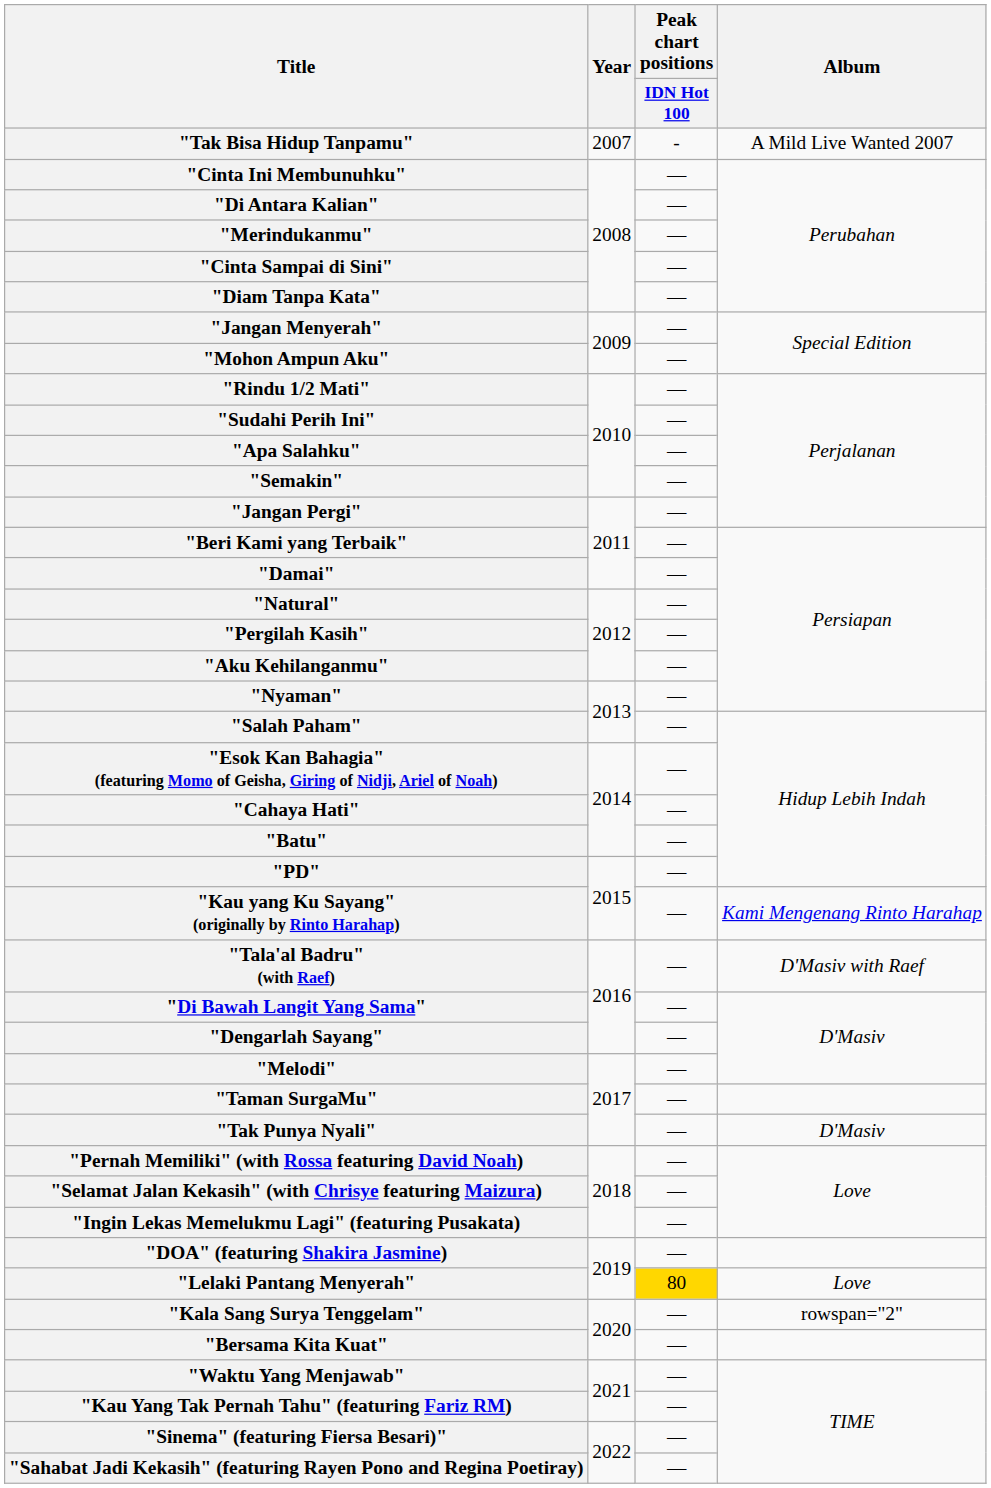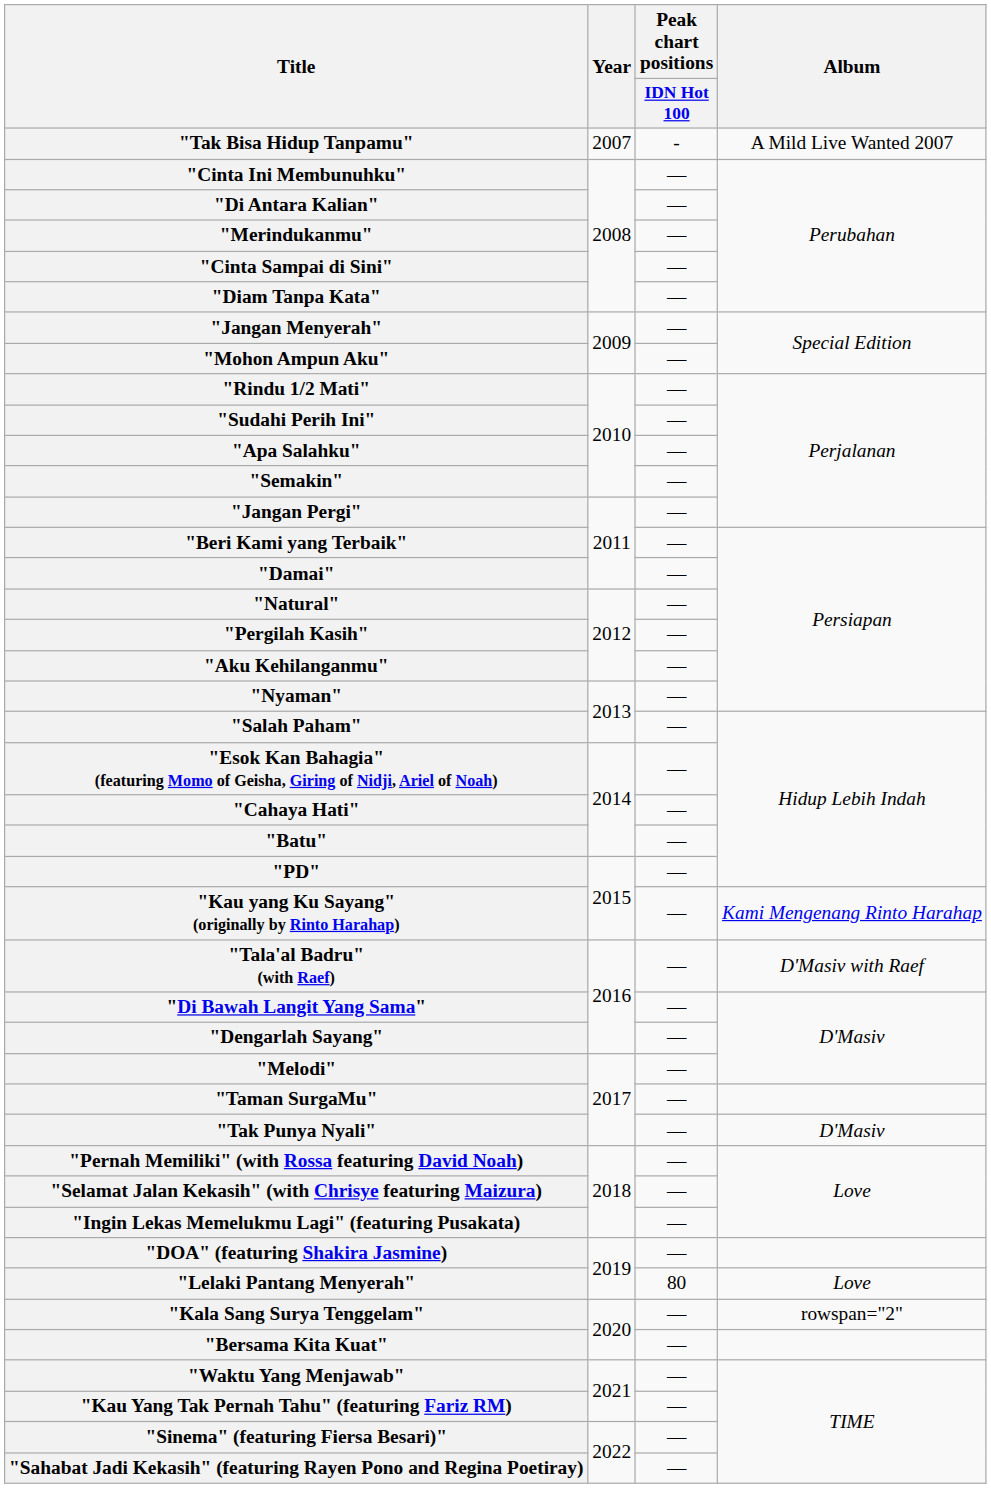 <table class="wikitable plainrowheaders" style="text-align:center;">
 <tr>
 <th scope="col" rowspan="2">Title</th>
 <th scope="col" rowspan="2">Year</th>
 <th scope="col" colspan="1">Peak chart positions</th>
 <th scope="col" rowspan="2">Album</th>
 </tr>
 <tr>
 <th scope="col" style="width:3em;font-size:90%;"><a href='#'>IDN Hot 100</a><br></th>
 </tr>
 <tr>
 <th scope="row">"Tak Bisa Hidup Tanpamu"</th>
 <td>2007</td>
 <td>-</td>
 <td>A Mild Live Wanted 2007</td>
 </tr>
 <tr>
 <th scope="row">"Cinta Ini Membunuhku"</th>
 <td rowspan= "5">2008</td>
 <td>—</td>
 <td rowspan= "5"><em>Perubahan</em></td>
 </tr>
 <tr>
 <th scope="row">"Di Antara Kalian"</th>
 <td>—</td>
 </tr>
 <tr>
 <th scope="row">"Merindukanmu"</th>
 <td>—</td>
 </tr>
 <tr>
 <th scope="row">"Cinta Sampai di Sini"</th>
 <td>—</td>
 </tr>
 <tr>
 <th scope="row">"Diam Tanpa Kata"</th>
 <td>—</td>
 </tr>
 <tr>
 <th scope="row">"Jangan Menyerah"</th>
 <td rowspan= "2">2009</td>
 <td>—</td>
 <td rowspan= "2"><em>Special Edition</em></td>
 </tr>
 <tr>
 <th scope="row">"Mohon Ampun Aku"</th>
 <td>—</td>
 </tr>
 <tr>
 <th scope="row">"Rindu 1/2 Mati"</th>
 <td rowspan= "4">2010</td>
 <td>—</td>
 <td rowspan= "5"><em>Perjalanan</em></td>
 </tr>
 <tr>
 <th scope="row">"Sudahi Perih Ini"</th>
 <td>—</td>
 </tr>
 <tr>
 <th scope="row">"Apa Salahku"</th>
 <td>—</td>
 </tr>
 <tr>
 <th scope="row">"Semakin"</th>
 <td>—</td>
 </tr>
 <tr>
 <th scope="row">"Jangan Pergi"</th>
 <td rowspan= "3">2011</td>
 <td>—</td>
 </tr>
 <tr>
 <th scope="row">"Beri Kami yang Terbaik"</th>
 <td>—</td>
 <td rowspan= "6"><em>Persiapan</em></td>
 </tr>
 <tr>
 <th scope="row">"Damai"</th>
 <td>—</td>
 </tr>
 <tr>
 <th scope="row">"Natural"</th>
 <td rowspan= "3">2012</td>
 <td>—</td>
 </tr>
 <tr>
 <th scope="row">"Pergilah Kasih"</th>
 <td>—</td>
 </tr>
 <tr>
 <th scope="row">"Aku Kehilanganmu"</th>
 <td>—</td>
 </tr>
 <tr>
 <th scope="row">"Nyaman"</th>
 <td rowspan= "2">2013</td>
 <td>—</td>
 </tr>
 <tr>
 <th scope="row">"Salah Paham"</th>
 <td>—</td>
 <td rowspan= "5"><em>Hidup Lebih Indah</em></td>
 </tr>
 <tr>
 <th scope="row">"Esok Kan Bahagia" <br><small>(featuring <a href='#'>Momo</a> of Geisha, <a href='#'>Giring</a> of <a href='#'>Nidji</a>, <a href='#'>Ariel</a> of <a href='#'>Noah</a>)</small></th>
 <td rowspan= "3">2014</td>
 <td>—</td>
 </tr>
 <tr>
 <th scope="row">"Cahaya Hati"</th>
 <td>—</td>
 </tr>
 <tr>
 <th scope="row">"Batu"</th>
 <td>—</td>
 </tr>
 <tr>
 <th scope="row">"PD"</th>
 <td rowspan= "2">2015</td>
 <td>—</td>
 </tr>
 <tr>
 <th scope="row">"Kau yang Ku Sayang" <br><small>(originally by <a href='#'>Rinto Harahap</a>)</small></th>
 <td>—</td>
 <td><em><a href='#'>Kami Mengenang Rinto Harahap</a></em></td>
 </tr>
 <tr>
 <th scope="row">"Tala'al Badru" <br><small>(with <a href='#'>Raef</a>)</small></th>
 <td rowspan= "3">2016</td>
 <td>—</td>
 <td><em>D'Masiv with Raef</em></td>
 </tr>
 <tr>
 <th scope="row">"<a href='#'>Di Bawah Langit Yang Sama</a>"</th>
 <td>—</td>
 <td rowspan= "3"><em>D'Masiv</em></td>
 </tr>
 <tr>
 <th scope="row">"Dengarlah Sayang"</th>
 <td>—</td>
 </tr>
 <tr>
 <th scope="row">"Melodi"</th>
 <td rowspan="3">2017</td>
 <td>—</td>
 </tr>
 <tr>
 <th scope="row">"Taman SurgaMu"</th>
 <td>—</td>
 <td></td>
 </tr>
 <tr>
 <th scope="row">"Tak Punya Nyali"</th>
 <td>—</td>
 <td><em>D'Masiv</em></td>
 </tr>
 <tr>
 <th scope="row">"Pernah Memiliki" (with <a href='#'>Rossa</a> featuring <a href='#'>David Noah</a>)</th>
 <td rowspan="3">2018</td>
 <td>—</td>
 <td rowspan="3"><em>Love</em></td>
 </tr>
 <tr>
 <th scope="row">"Selamat Jalan Kekasih" (with <a href='#'>Chrisye</a> featuring <a href='#'>Maizura</a>)</th>
 <td>—</td>
 </tr>
 <tr>
 <th scope="row">"Ingin Lekas Memelukmu Lagi" (featuring Pusakata)</th>
 <td>—</td>
 </tr>
 <tr>
 <th scope="row">"DOA" (featuring <a href='#'>Shakira Jasmine</a>)</th>
 <td rowspan="2">2019</td>
 <td>—</td>
 <td></td>
 </tr>
 <tr>
 <th scope="row">"Lelaki Pantang Menyerah"</th>
-<td style="background: gold;">80</td>
+<td>80</td>
 <td><em>Love</em></td>
 </tr>
 <tr>
 <th scope="row">"Kala Sang Surya Tenggelam"</th>
 <td rowspan="2">2020</td>
 <td>—</td>
 <td>rowspan="2" </td>
 </tr>
 <tr>
 <th scope="row">"Bersama Kita Kuat"</th>
 <td>—</td>
 </tr>
 <tr>
 <th scope="row">"Waktu Yang Menjawab"</th>
 <td rowspan="2">2021</td>
 <td>—</td>
 <td rowspan="4"><em>TIME</em></td>
 </tr>
 <tr>
 <th scope="row">"Kau Yang Tak Pernah Tahu" (featuring <a href='#'>Fariz RM</a>)</th>
 <td>—</td>
 </tr>
 <tr>
 <th scope="row">"Sinema" (featuring Fiersa Besari)"</th>
 <td rowspan="2">2022</td>
 <td>—</td>
 </tr>
 <tr>
 <th scope="row">"Sahabat Jadi Kekasih" (featuring Rayen Pono and Regina Poetiray)</th>
 <td>—</td>
 </tr>
 </table>
